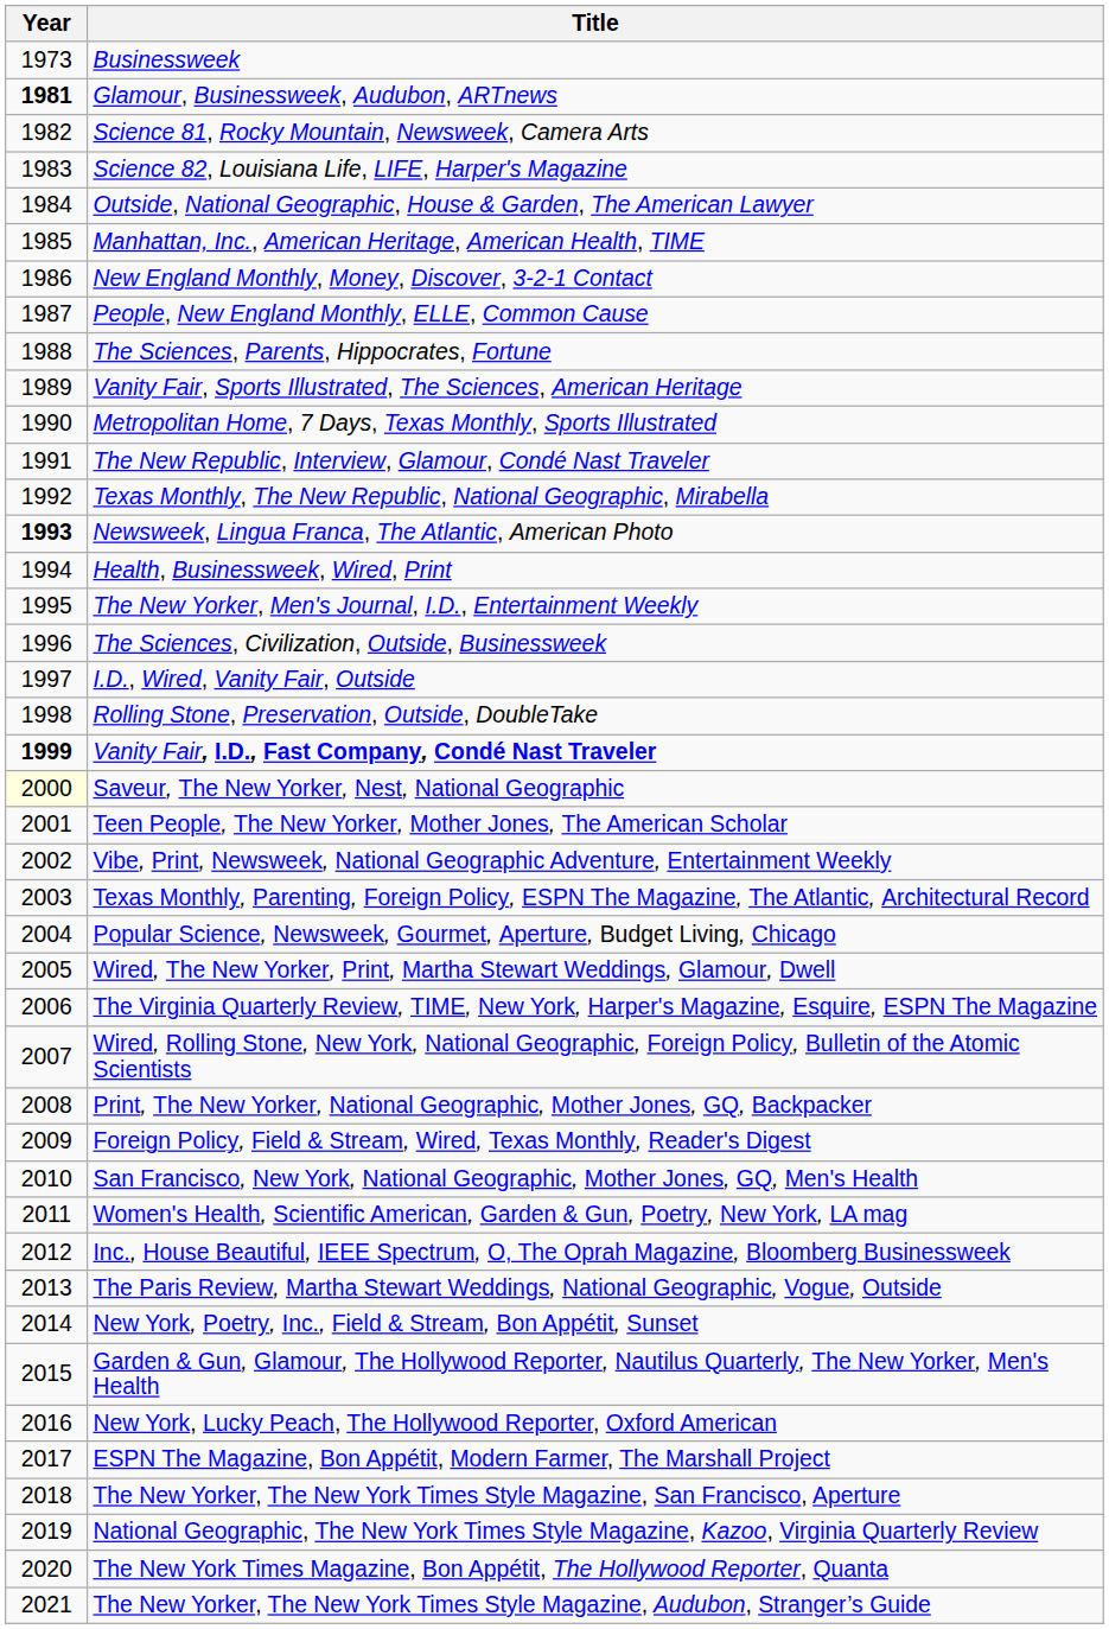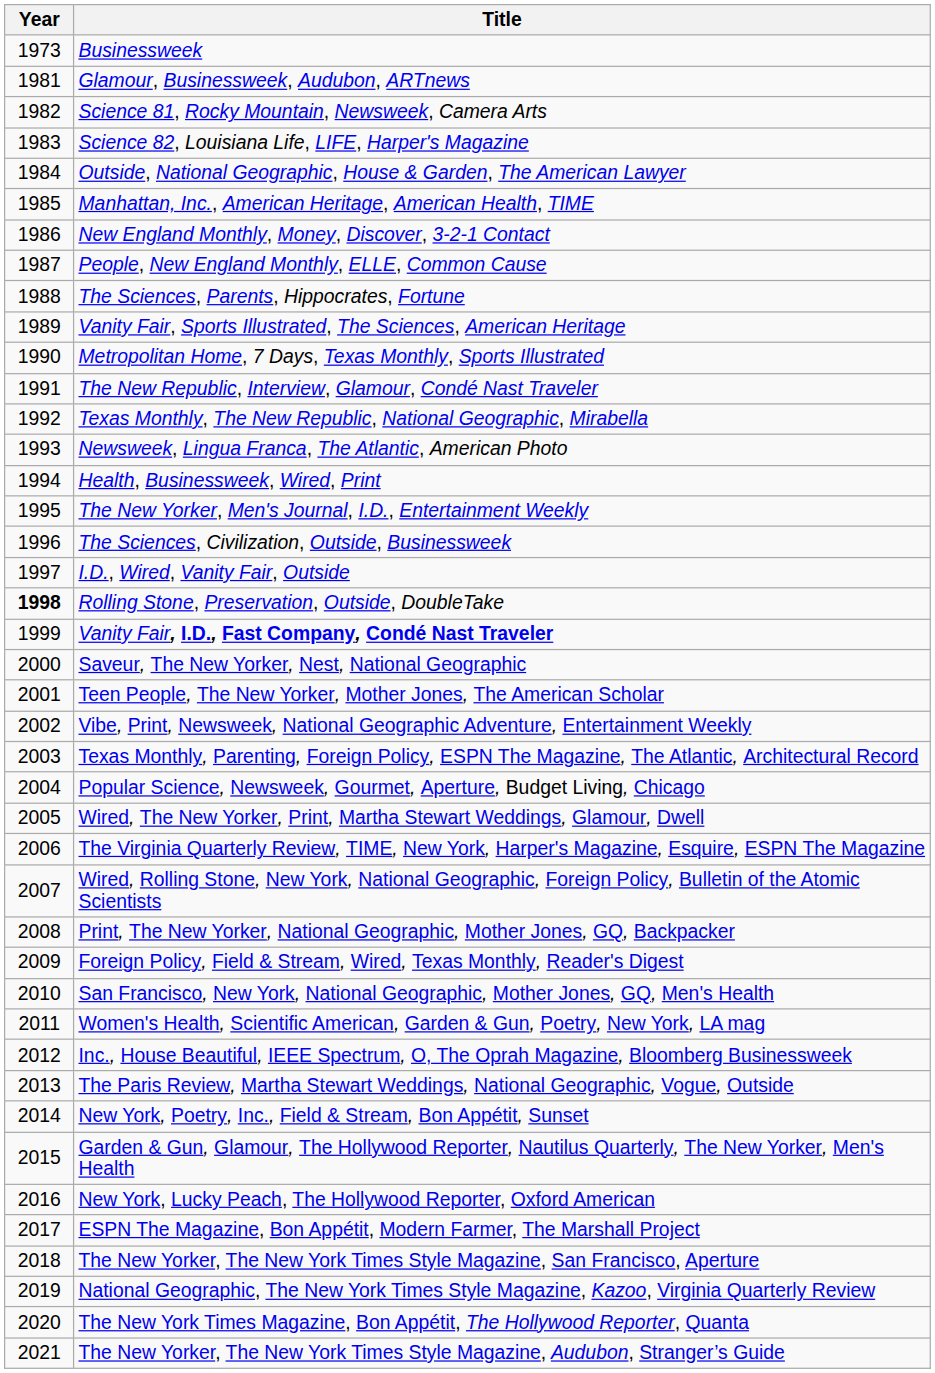 <table class="sortable wikitable plainrowheaders">
 <tr>
 <th scope="col" style="width:50px;">Year</th>
 <th scope="col" style="width:700px;">Title</th>
 </tr>
 <tr>
 <td align=center>1973</td>
 <td><em><a href='#'>Businessweek</a></em></td>
 </tr>
 <tr>
-<td align=center><strong>1981</strong></td>
+<td align=center>1981</td>
 <td><em><a href='#'>Glamour</a></em>, <em><a href='#'>Businessweek</a></em>, <em><a href='#'>Audubon</a></em>, <em><a href='#'>ARTnews</a></em></td>
 </tr>
 <tr>
 <td align=center>1982</td>
 <td><em><a href='#'>Science 81</a></em>, <em><a href='#'>Rocky Mountain</a></em>, <em><a href='#'>Newsweek</a></em>, <em>Camera Arts</em></td>
 </tr>
 <tr>
 <td align=center>1983</td>
 <td><em><a href='#'>Science 82</a></em>, <em>Louisiana Life</em>, <em><a href='#'>LIFE</a></em>, <em><a href='#'>Harper's Magazine</a></em></td>
 </tr>
 <tr>
 <td align=center>1984</td>
 <td><em><a href='#'>Outside</a></em>, <em><a href='#'>National Geographic</a></em>, <em><a href='#'>House & Garden</a></em>, <em><a href='#'>The American Lawyer</a></em></td>
 </tr>
 <tr>
 <td align=center>1985</td>
 <td><em><a href='#'>Manhattan, Inc.</a></em>, <em><a href='#'>American Heritage</a></em>, <em><a href='#'>American Health</a></em>, <em><a href='#'>TIME</a></em></td>
 </tr>
 <tr>
 <td align=center>1986</td>
 <td><em><a href='#'>New England Monthly</a></em>, <em><a href='#'>Money</a></em>, <em><a href='#'>Discover</a></em>, <em><a href='#'>3-2-1 Contact</a></em></td>
 </tr>
 <tr>
 <td align=center>1987</td>
 <td><em><a href='#'>People</a></em>, <em><a href='#'>New England Monthly</a></em>, <em><a href='#'>ELLE</a></em>, <em><a href='#'>Common Cause</a></em></td>
 </tr>
 <tr>
 <td align=center>1988</td>
 <td><em><a href='#'>The Sciences</a></em>, <em><a href='#'>Parents</a></em>, <em>Hippocrates</em>, <em><a href='#'>Fortune</a></em></td>
 </tr>
 <tr>
 <td align=center>1989</td>
 <td><em><a href='#'>Vanity Fair</a></em>, <em><a href='#'>Sports Illustrated</a></em>, <em><a href='#'>The Sciences</a></em>, <em><a href='#'>American Heritage</a></em></td>
 </tr>
 <tr>
 <td align=center>1990</td>
 <td><em><a href='#'>Metropolitan Home</a></em>, <em>7 Days</em>, <em><a href='#'>Texas Monthly</a></em>, <em><a href='#'>Sports Illustrated</a></em></td>
 </tr>
 <tr>
 <td align=center>1991</td>
 <td><em><a href='#'>The New Republic</a></em>, <em><a href='#'>Interview</a></em>, <em><a href='#'>Glamour</a></em>, <em><a href='#'>Condé Nast Traveler</a></em></td>
 </tr>
 <tr>
 <td align=center>1992</td>
 <td><em><a href='#'>Texas Monthly</a></em>, <em><a href='#'>The New Republic</a></em>, <em><a href='#'>National Geographic</a></em>, <em><a href='#'>Mirabella</a></em></td>
 </tr>
 <tr>
-<td align=center><strong>1993</strong></td>
+<td align=center>1993</td>
 <td><em><a href='#'>Newsweek</a></em>, <em><a href='#'>Lingua Franca</a></em>, <em><a href='#'>The Atlantic</a></em>, <em>American Photo</em></td>
 </tr>
 <tr>
 <td align=center>1994</td>
 <td><em><a href='#'>Health</a></em>, <em><a href='#'>Businessweek</a></em>, <em><a href='#'>Wired</a></em>, <em><a href='#'>Print</a></em></td>
 </tr>
 <tr>
 <td align=center>1995</td>
 <td><em><a href='#'>The New Yorker</a></em>, <em><a href='#'>Men's Journal</a></em>, <em><a href='#'>I.D.</a></em>, <em><a href='#'>Entertainment Weekly</a></em></td>
 </tr>
 <tr>
 <td align=center>1996</td>
 <td><em><a href='#'>The Sciences</a></em>, <em>Civilization</em>, <em><a href='#'>Outside</a></em>, <em><a href='#'>Businessweek</a></em></td>
 </tr>
 <tr>
 <td align=center>1997</td>
 <td><em><a href='#'>I.D.</a></em>, <em><a href='#'>Wired</a></em>, <em><a href='#'>Vanity Fair</a></em>, <em><a href='#'>Outside</a></em></td>
 </tr>
 <tr>
-<td align=center>1998</td>
+<td align=center><strong>1998</strong></td>
 <td><em><a href='#'>Rolling Stone</a></em>, <em><a href='#'>Preservation</a></em>, <em><a href='#'>Outside</a></em>, <em>DoubleTake</em></td>
 </tr>
 <tr>
-<td align=center><strong>1999</strong></td>
+<td align=center>1999</td>
 <td><em><a href='#'>Vanity Fair</a><strong>, </em><a href='#'>I.D.</a><em>, </em><a href='#'>Fast Company</a><em>, </em><a href='#'>Condé Nast Traveler</a><em></td>
 </tr>
 <tr>
-<td align=center style="background: lightyellow;">2000</td>
+<td align=center>2000</td>
 <td></em><a href='#'>Saveur</a><em>, </em><a href='#'>The New Yorker</a><em>, </em><a href='#'>Nest</a><em>, </em><a href='#'>National Geographic</a><em></td>
 </tr>
 <tr>
 <td align=center>2001</td>
 <td></em><a href='#'>Teen People</a><em>, </em><a href='#'>The New Yorker</a><em>, </em><a href='#'>Mother Jones</a><em>, </em><a href='#'>The American Scholar</a><em></td>
 </tr>
 <tr>
 <td align=center>2002</td>
 <td></em><a href='#'>Vibe</a><em>, </em><a href='#'>Print</a><em>, </em><a href='#'>Newsweek</a><em>, </em><a href='#'>National Geographic Adventure</a><em>, </em><a href='#'>Entertainment Weekly</a><em></td>
 </tr>
 <tr>
 <td align=center>2003</td>
 <td></em><a href='#'>Texas Monthly</a><em>, </em><a href='#'>Parenting</a><em>, </em><a href='#'>Foreign Policy</a><em>, </em><a href='#'>ESPN The Magazine</a><em>, </em><a href='#'>The Atlantic</a><em>, </em><a href='#'>Architectural Record</a><em></td>
 </tr>
 <tr>
 <td align=center>2004</td>
 <td></em><a href='#'>Popular Science</a><em>, </em><a href='#'>Newsweek</a><em>, </em><a href='#'>Gourmet</a><em>, </em><a href='#'>Aperture</a><em>, </em>Budget Living<em>, </em><a href='#'>Chicago</a><em></td>
 </tr>
 <tr>
 <td align=center>2005</td>
 <td></em><a href='#'>Wired</a><em>, </em><a href='#'>The New Yorker</a><em>, </em><a href='#'>Print</a><em>, </em><a href='#'>Martha Stewart Weddings</a><em>, </em><a href='#'>Glamour</a><em>, </em><a href='#'>Dwell</a><em></td>
 </tr>
 <tr>
 <td align=center>2006</td>
 <td></em><a href='#'>The Virginia Quarterly Review</a><em>, </em><a href='#'>TIME</a><em>, </em><a href='#'>New York</a><em>, </em><a href='#'>Harper's Magazine</a><em>, </em><a href='#'>Esquire</a><em>, </em><a href='#'>ESPN The Magazine</a><em></td>
 </tr>
 <tr>
 <td align=center>2007</td>
 <td></em><a href='#'>Wired</a><em>, </em><a href='#'>Rolling Stone</a><em>, </em><a href='#'>New York</a><em>, </em><a href='#'>National Geographic</a><em>, </em><a href='#'>Foreign Policy</a><em>, </em><a href='#'>Bulletin of the Atomic Scientists</a><em></td>
 </tr>
 <tr>
 <td align=center>2008</td>
 <td></em><a href='#'>Print</a><em>, </em><a href='#'>The New Yorker</a><em>, </em><a href='#'>National Geographic</a><em>, </em><a href='#'>Mother Jones</a><em>, </em><a href='#'>GQ</a><em>, </em><a href='#'>Backpacker</a><em></td>
 </tr>
 <tr>
 <td align=center>2009</td>
 <td></em><a href='#'>Foreign Policy</a><em>, </em><a href='#'>Field & Stream</a><em>, </em><a href='#'>Wired</a><em>, </em><a href='#'>Texas Monthly</a><em>, </em><a href='#'>Reader's Digest</a><em></td>
 </tr>
 <tr>
 <td align=center>2010</td>
 <td></em><a href='#'>San Francisco</a><em>, </em><a href='#'>New York</a><em>, </em><a href='#'>National Geographic</a><em>, </em><a href='#'>Mother Jones</a><em>, </em><a href='#'>GQ</a><em>, </em><a href='#'>Men's Health</a><em></td>
 </tr>
 <tr>
 <td align=center>2011</td>
 <td></em><a href='#'>Women's Health</a><em>, </em><a href='#'>Scientific American</a><em>, </em><a href='#'>Garden & Gun</a><em>, </em><a href='#'>Poetry</a><em>, </em><a href='#'>New York</a><em>, </em><a href='#'>LA mag</a><em></td>
 </tr>
 <tr>
 <td align=center>2012</td>
 <td></em><a href='#'>Inc.</a><em>, </em><a href='#'>House Beautiful</a><em>, </em><a href='#'>IEEE Spectrum</a><em>, </em><a href='#'>O, The Oprah Magazine</a><em>, </em><a href='#'>Bloomberg Businessweek</a> <em></td>
 </tr>
 <tr>
 <td align=center>2013</td>
 <td></em><a href='#'>The Paris Review</a><em>, </em><a href='#'>Martha Stewart Weddings</a><em>, </em><a href='#'>National Geographic</a><em>, </em><a href='#'>Vogue</a><em>, </em><a href='#'>Outside</a><em></td>
 </tr>
 <tr>
 <td align=center>2014</td>
 <td></em><a href='#'>New York</a><em>, </em><a href='#'>Poetry</a><em>, </em><a href='#'>Inc.</a><em>, </em><a href='#'>Field & Stream</a><em>, </em><a href='#'>Bon Appétit</a><em>, </em><a href='#'>Sunset</a><em></td>
 </tr>
 <tr>
 <td align=center>2015</td>
 <td></em><a href='#'>Garden & Gun</a><em>, </em><a href='#'>Glamour</a><em>, </em><a href='#'>The Hollywood Reporter</a><em>, </em><a href='#'>Nautilus Quarterly</a><em>, </em><a href='#'>The New Yorker</a><em>, </em><a href='#'>Men's Health</a><em></td>
 </tr>
 <tr>
 <td align=center>2016</td>
 <td><a href='#'>New York</a></em>, <a href='#'>Lucky Peach</a>, <a href='#'>The Hollywood Reporter</a>, <a href='#'>Oxford American</a><em></td>
 </tr>
 <tr>
 <td align=center>2017</td>
 <td></em><a href='#'>ESPN The Magazine</a>, <a href='#'>Bon Appétit</a>, <a href='#'>Modern Farmer</a>, <a href='#'>The Marshall Project</a><em></td>
 </tr>
 <tr>
 <td align=center>2018</td>
 <td></em><a href='#'>The New Yorker</a>, <a href='#'>The New York Times Style Magazine</a>, <a href='#'>San Francisco</a>, <a href='#'>Aperture</a><em></td>
 </tr>
 <tr>
 <td align=center>2019</td>
 <td></em><a href='#'>National Geographic</a>, <a href='#'>The New York Times Style Magazine</a>,<em> <a href='#'>Kazoo</a></em>, <a href='#'>Virginia Quarterly Review</a><em></td>
 </tr>
 <tr>
 <td align=center>2020</td>
 <td></em><a href='#'>The New York Times Magazine</a>, <a href='#'>Bon Appétit</a>,<em> <a href='#'>The Hollywood Reporter</a></em>, <a href='#'>Quanta</a><em></td>
 </tr>
 <tr>
 <td align=center>2021</td>
 <td></em><a href='#'>The New Yorker</a>, <a href='#'>The New York Times Style Magazine</a>,<em> <a href='#'>Audubon</a></em>, <a href='#'>Stranger’s Guide</a><em></td>
 </tr>
 </table>
